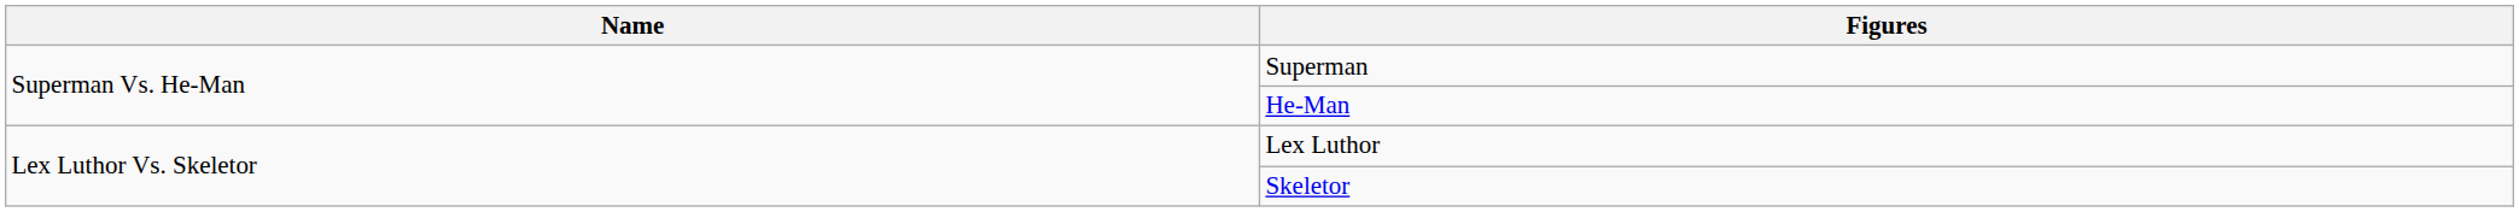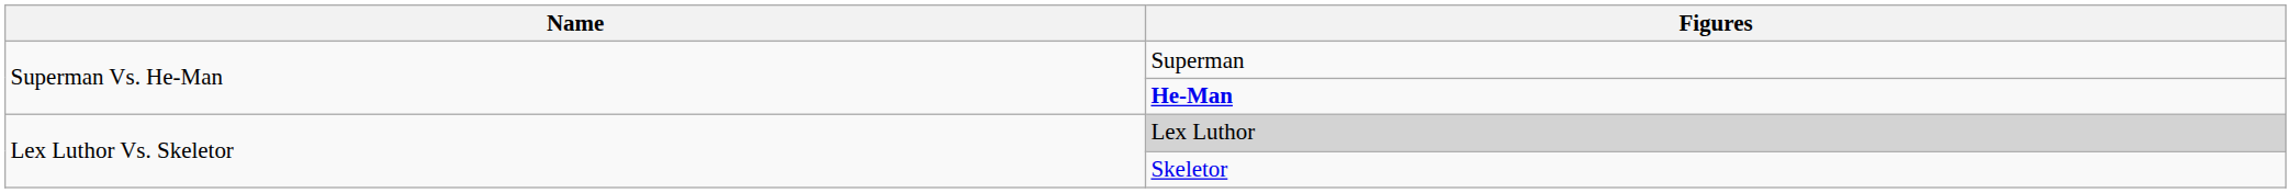 <table class="wikitable" style="width:80%;">
 <tr>
 <th width=20%><strong>Name</strong></th>
 <th width=20%><strong>Figures</strong></th>
 </tr>
 <tr>
 <td rowspan=2>Superman Vs. He-Man</td>
 <td>Superman</td>
 </tr>
 <tr>
-<td><a href='#'>He-Man</a></td>
+<td><strong><a href='#'>He-Man</a></strong></td>
 </tr>
 <tr>
 <td rowspan=2>Lex Luthor Vs. Skeletor</td>
-<td>Lex Luthor</td>
+<td style="background: lightgrey;">Lex Luthor</td>
 </tr>
 <tr>
 <td><a href='#'>Skeletor</a></td>
 </tr>
 </table>
